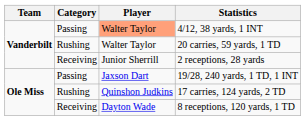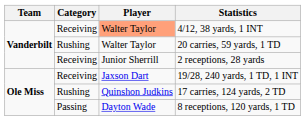 <table class="wikitable" style="float: right;">
 <tr>
 <th>Team</th>
 <th>Category</th>
 <th>Player</th>
 <th>Statistics</th>
 </tr>
 <tr>
 <td rowspan=3><strong>Vanderbilt</strong></td>
-<td>Passing</td>
+<td>Receiving</td>
 <td style="background: lightsalmon;">Walter Taylor</td>
 <td>4/12, 38 yards, 1 INT</td>
 </tr>
 <tr>
 <td>Rushing</td>
 <td>Walter Taylor</td>
 <td>20 carries, 59 yards, 1 TD</td>
 </tr>
 <tr>
 <td>Receiving</td>
 <td>Junior Sherrill</td>
 <td>2 receptions, 28 yards</td>
 </tr>
 <tr>
 <td rowspan=3><strong>Ole Miss</strong></td>
-<td>Passing</td>
+<td>Receiving</td>
 <td><a href='#'>Jaxson Dart</a></td>
 <td>19/28, 240 yards, 1 TD, 1 INT</td>
 </tr>
 <tr>
 <td>Rushing</td>
 <td><a href='#'>Quinshon Judkins</a></td>
 <td>17 carries, 124 yards, 2 TD</td>
 </tr>
 <tr>
-<td>Receiving</td>
+<td>Passing</td>
 <td><a href='#'>Dayton Wade</a></td>
 <td>8 receptions, 120 yards, 1 TD</td>
 </tr>
 </table>
